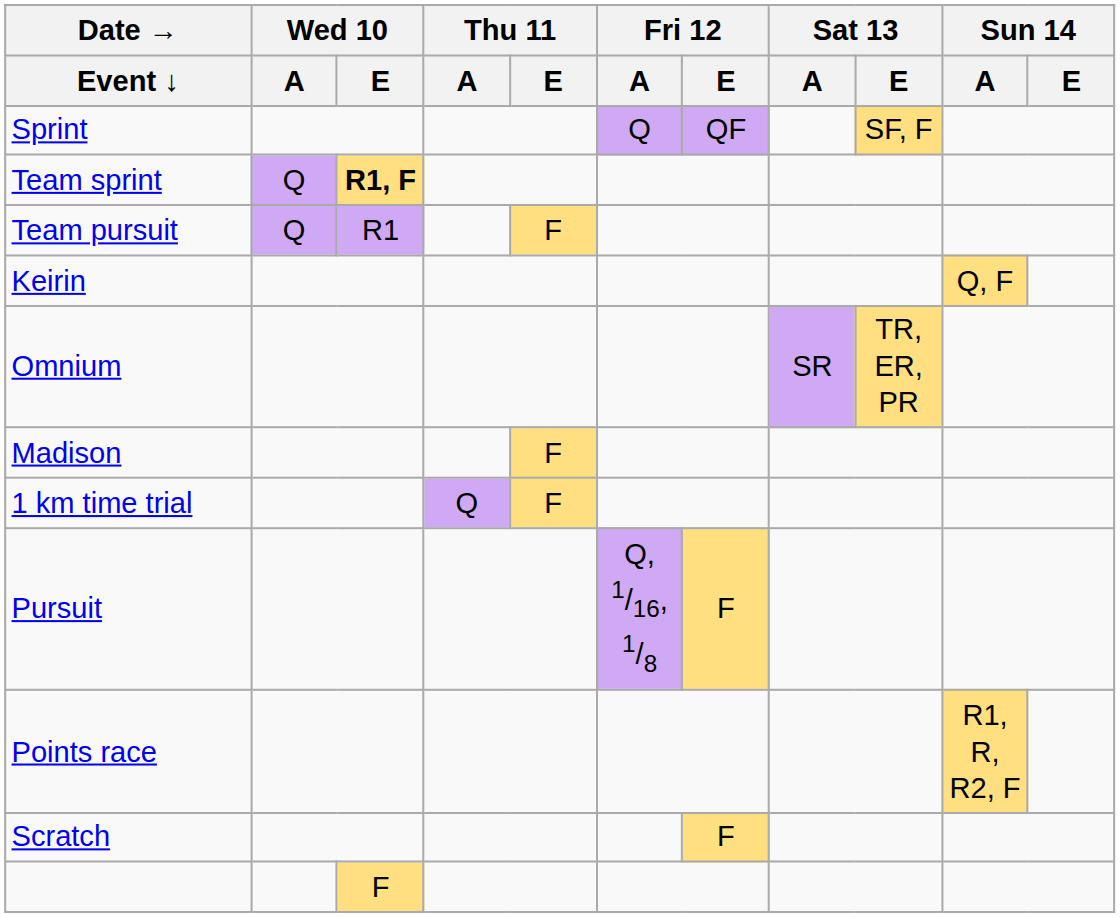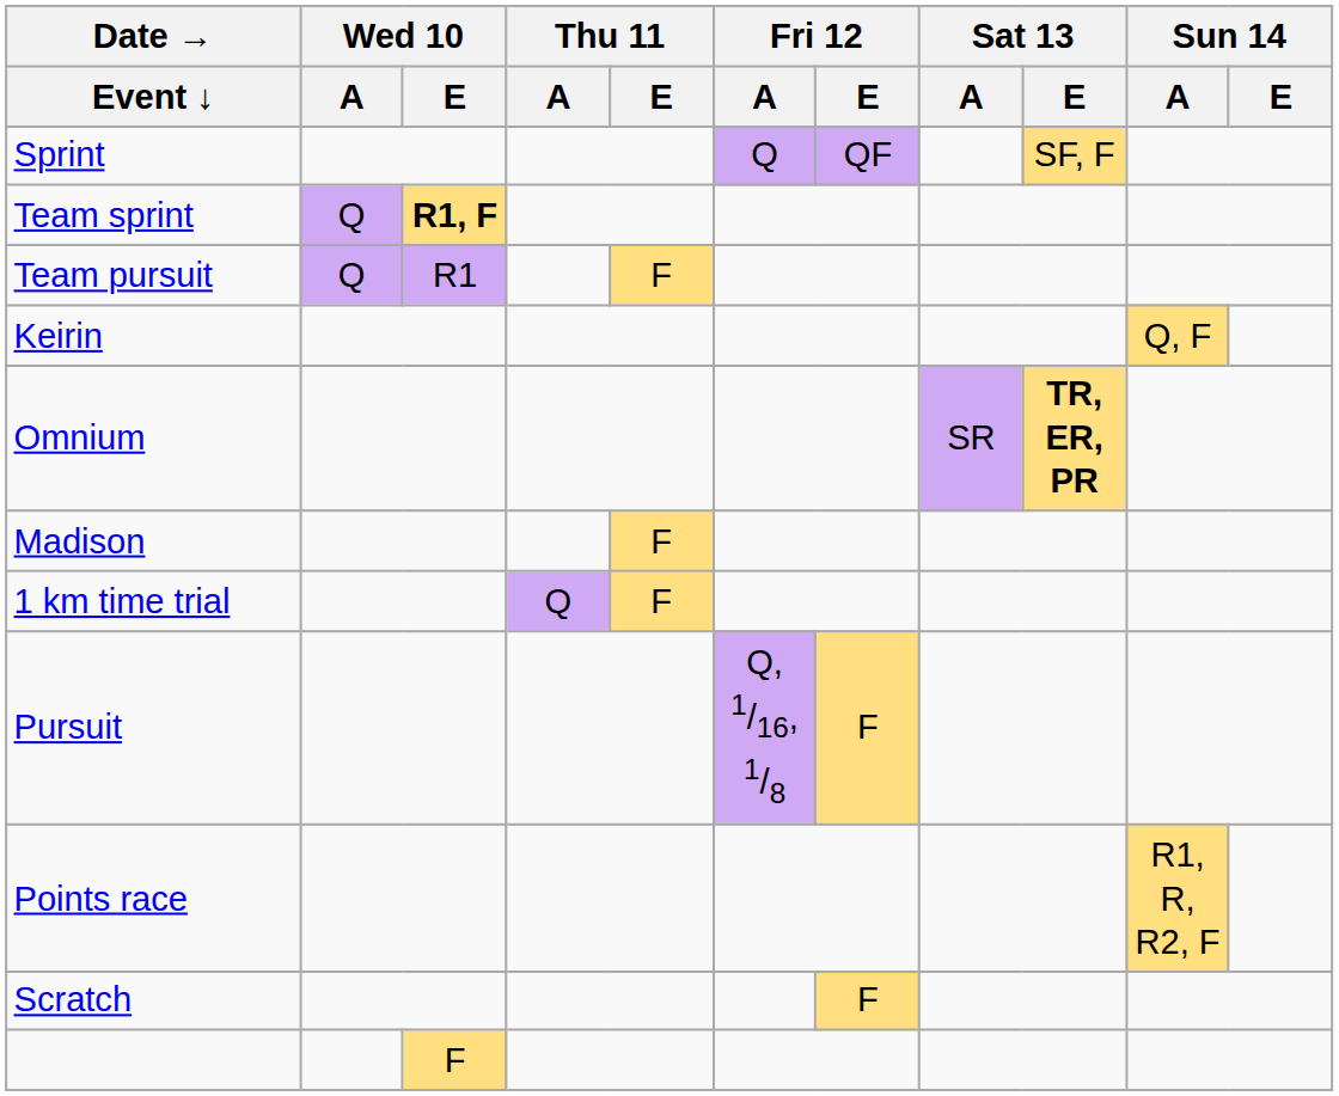 <table class="wikitable" style="margin:0.5em auto; font-size:90%; line-height:1.25em;text-align:center;">
 <tr>
 <th>Date →</th>
 <th colspan=2>Wed 10</th>
 <th colspan=2>Thu 11</th>
 <th colspan=2>Fri 12</th>
 <th colspan=2>Sat 13</th>
 <th colspan=2>Sun 14</th>
 </tr>
 <tr>
 <th style="width:8em;">Event ↓</th>
 <th style="width:2.5em;">A</th>
 <th style="width:2.5em;">E</th>
 <th style="width:2.5em;">A</th>
 <th style="width:2.5em;">E</th>
 <th style="width:2.5em;">A</th>
 <th style="width:2.5em;">E</th>
 <th style="width:2.5em;">A</th>
 <th style="width:2.5em;">E</th>
 <th style="width:2.5em;">A</th>
 <th style="width:2.5em;">E</th>
 </tr>
 <tr>
 <td align=left><a href='#'>Sprint</a></td>
 <td colspan=2></td>
 <td colspan=2></td>
 <td bgcolor=D0A9F5>Q</td>
 <td bgcolor=D0A9F5>QF</td>
 <td></td>
 <td bgcolor=FFDF80>SF, F</td>
 <td colspan=2></td>
 </tr>
 <tr>
 <td align=left><a href='#'>Team sprint</a></td>
 <td bgcolor=D0A9F5>Q</td>
 <td bgcolor=FFDF80><strong>R1, F</strong></td>
 <td colspan=2></td>
 <td colspan=2></td>
 <td colspan=2></td>
 <td colspan=2></td>
 </tr>
 <tr>
 <td align=left><a href='#'>Team pursuit</a></td>
 <td bgcolor=D0A9F5>Q</td>
 <td bgcolor=D0A9F5>R1</td>
 <td></td>
 <td bgcolor=FFDF80>F</td>
 <td colspan=2></td>
 <td colspan=2></td>
 <td colspan=2></td>
 </tr>
 <tr>
 <td align=left><a href='#'>Keirin</a></td>
 <td colspan=2></td>
 <td colspan=2></td>
 <td colspan=2></td>
 <td colspan=2></td>
 <td bgcolor=FFDF80>Q, F</td>
 <td></td>
 </tr>
 <tr>
 <td align=left><a href='#'>Omnium</a></td>
 <td colspan=2></td>
 <td colspan=2></td>
 <td colspan=2></td>
 <td bgcolor=D0A9F5>SR</td>
-<td bgcolor=FFDF80>TR, ER, PR</td>
+<td bgcolor=FFDF80><strong>TR, ER, PR</strong></td>
 <td colspan=2></td>
 </tr>
 <tr>
 <td align=left><a href='#'>Madison</a></td>
 <td colspan=2></td>
 <td></td>
 <td bgcolor=FFDF80>F</td>
 <td colspan=2></td>
 <td colspan=2></td>
 <td colspan=2></td>
 </tr>
 <tr>
 <td align=left><a href='#'>1 km time trial</a></td>
 <td colspan=2></td>
 <td bgcolor=D0A9F5>Q</td>
 <td bgcolor=FFDF80>F</td>
 <td colspan=2></td>
 <td colspan=2></td>
 <td colspan=2></td>
 </tr>
 <tr>
 <td align=left><a href='#'>Pursuit</a></td>
 <td colspan=2></td>
 <td colspan=2></td>
 <td bgcolor=D0A9F5>Q, <sup>1</sup>/<sub>16</sub>, <sup>1</sup>/<sub>8</sub></td>
 <td bgcolor=FFDF80>F</td>
 <td colspan=2></td>
 <td colspan=2></td>
 </tr>
 <tr>
 <td align=left><a href='#'>Points race</a></td>
 <td colspan=2></td>
 <td colspan=2></td>
 <td colspan=2></td>
 <td colspan=2></td>
 <td bgcolor=FFDF80>R1, R, R2, F</td>
 <td></td>
 </tr>
 <tr>
 <td align=left><a href='#'>Scratch</a></td>
 <td colspan=2></td>
 <td colspan=2></td>
 <td></td>
 <td bgcolor=FFDF80>F</td>
 <td colspan=2></td>
 <td colspan=2></td>
 </tr>
 <tr>
 <td align=left><a href='#'></a></td>
 <td></td>
 <td bgcolor=FFDF80>F</td>
 <td colspan=2></td>
 <td colspan=2></td>
 <td colspan=2></td>
 <td colspan=2></td>
 </tr>
 </table>
